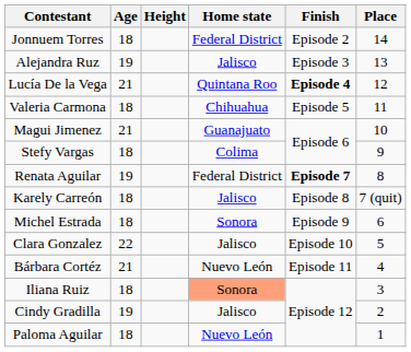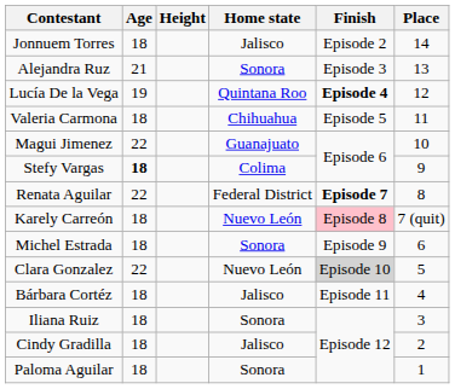 <table class="wikitable sortable" style="text-align:center;">
 <tr>
 <th>Contestant</th>
 <th>Age</th>
 <th>Height</th>
 <th>Home state</th>
 <th>Finish</th>
 <th>Place</th>
 </tr>
 <tr>
 <td>Jonnuem Torres</td>
 <td>18</td>
 <td></td>
-<td><a href='#'>Federal District</a></td>
+<td>Jalisco</td>
 <td>Episode 2</td>
 <td>14</td>
 </tr>
 <tr>
 <td>Alejandra Ruz</td>
-<td>19</td>
+<td>21</td>
 <td></td>
-<td><a href='#'>Jalisco</a></td>
+<td><a href='#'>Sonora</a></td>
 <td>Episode 3</td>
 <td>13</td>
 </tr>
 <tr>
 <td>Lucía De la Vega</td>
-<td>21</td>
+<td>19</td>
 <td></td>
 <td><a href='#'>Quintana Roo</a></td>
 <td><strong>Episode 4</strong></td>
 <td>12</td>
 </tr>
 <tr>
 <td>Valeria Carmona</td>
 <td>18</td>
 <td></td>
 <td><a href='#'>Chihuahua</a></td>
 <td>Episode 5</td>
 <td>11</td>
 </tr>
 <tr>
 <td>Magui Jimenez</td>
-<td>21</td>
+<td>22</td>
 <td></td>
 <td><a href='#'>Guanajuato</a></td>
 <td rowspan="2">Episode 6</td>
 <td>10</td>
 </tr>
 <tr>
 <td>Stefy Vargas</td>
-<td>18</td>
+<td><strong>18</strong></td>
 <td></td>
 <td><a href='#'>Colima</a></td>
 <td>9</td>
 </tr>
 <tr>
 <td>Renata Aguilar</td>
-<td>19</td>
+<td>22</td>
 <td></td>
 <td>Federal District</td>
 <td><strong>Episode 7</strong></td>
 <td>8</td>
 </tr>
 <tr>
 <td>Karely Carreón</td>
 <td>18</td>
 <td></td>
-<td><a href='#'>Jalisco</a></td>
-<td>Episode 8</td>
+<td><a href='#'>Nuevo León</a></td>
+<td style="background: pink;">Episode 8</td>
 <td>7 (quit)</td>
 </tr>
 <tr>
 <td>Michel Estrada</td>
 <td>18</td>
 <td></td>
 <td><a href='#'>Sonora</a></td>
 <td>Episode 9</td>
 <td>6</td>
 </tr>
 <tr>
 <td>Clara Gonzalez</td>
 <td>22</td>
 <td></td>
-<td>Jalisco</td>
-<td>Episode 10</td>
+<td>Nuevo León</td>
+<td style="background: lightgrey;">Episode 10</td>
 <td>5</td>
 </tr>
 <tr>
 <td>Bárbara Cortéz</td>
-<td>21</td>
+<td>18</td>
 <td></td>
-<td>Nuevo León</td>
+<td>Jalisco</td>
 <td>Episode 11</td>
 <td>4</td>
 </tr>
 <tr>
 <td>Iliana Ruiz</td>
 <td>18</td>
 <td></td>
-<td style="background: lightsalmon;">Sonora</td>
+<td>Sonora</td>
 <td rowspan="3">Episode 12</td>
 <td>3</td>
 </tr>
 <tr>
 <td>Cindy Gradilla</td>
-<td>19</td>
+<td>18</td>
 <td></td>
 <td>Jalisco</td>
 <td>2</td>
 </tr>
 <tr>
 <td>Paloma Aguilar</td>
 <td>18</td>
 <td></td>
-<td><a href='#'>Nuevo León</a></td>
+<td>Sonora</td>
 <td>1</td>
 </tr>
 </table>
